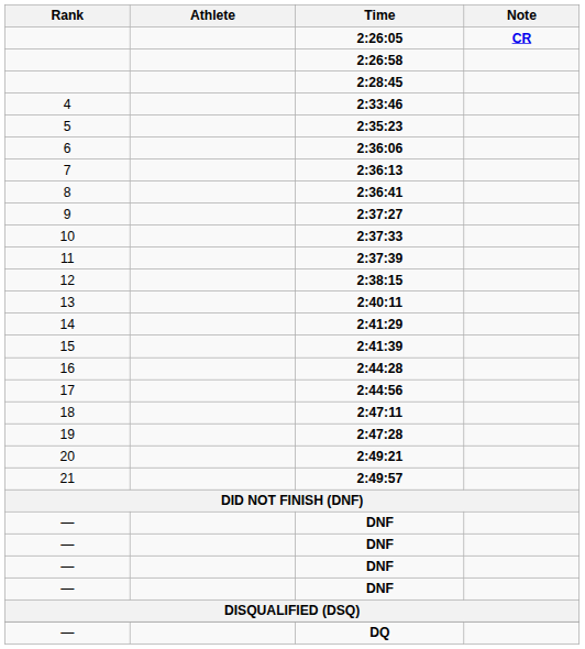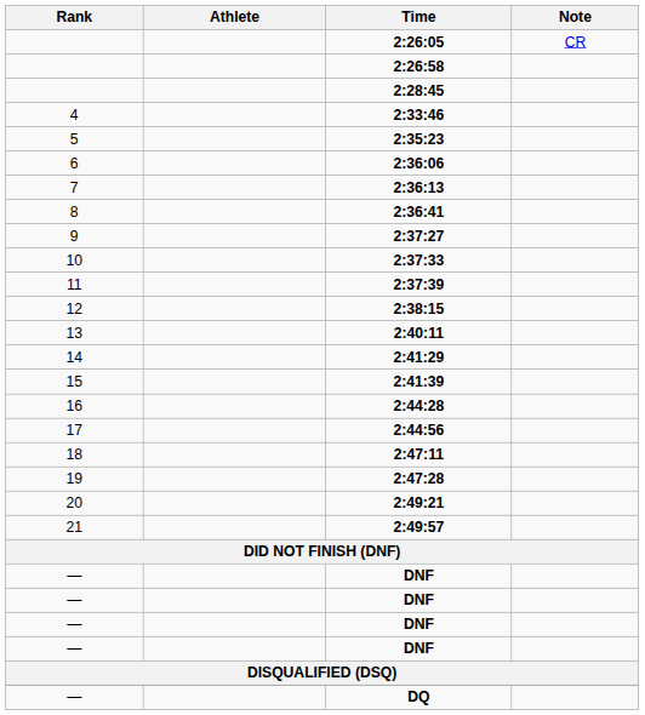 <table class="wikitable" style=" text-align:center; font-size:110%;" width="60%">
 <tr>
 <th>Rank</th>
 <th>Athlete</th>
 <th>Time</th>
 <th>Note</th>
 </tr>
 <tr>
 <td></td>
 <td align=left></td>
 <td><strong>2:26:05</strong></td>
-<td><strong><a href='#'>CR</a></strong></td>
+<td><a href='#'>CR</a></td>
 </tr>
 <tr>
 <td></td>
 <td align=left></td>
 <td><strong>2:26:58</strong></td>
 <td></td>
 </tr>
 <tr>
 <td></td>
 <td align=left></td>
 <td><strong>2:28:45</strong></td>
 <td></td>
 </tr>
 <tr>
 <td>4</td>
 <td align=left></td>
 <td><strong>2:33:46</strong></td>
 <td></td>
 </tr>
 <tr>
 <td>5</td>
 <td align=left></td>
 <td><strong>2:35:23</strong></td>
 <td></td>
 </tr>
 <tr>
 <td>6</td>
 <td align=left></td>
 <td><strong>2:36:06</strong></td>
 <td></td>
 </tr>
 <tr>
 <td>7</td>
 <td align=left></td>
 <td><strong>2:36:13</strong></td>
 <td></td>
 </tr>
 <tr>
 <td>8</td>
 <td align=left></td>
 <td><strong>2:36:41</strong></td>
 <td></td>
 </tr>
 <tr>
 <td>9</td>
 <td align=left></td>
 <td><strong>2:37:27</strong></td>
 <td></td>
 </tr>
 <tr>
 <td>10</td>
 <td align=left></td>
 <td><strong>2:37:33</strong></td>
 <td></td>
 </tr>
 <tr>
 <td>11</td>
 <td align=left></td>
 <td><strong>2:37:39</strong></td>
 <td></td>
 </tr>
 <tr>
 <td>12</td>
 <td align=left></td>
 <td><strong>2:38:15</strong></td>
 <td></td>
 </tr>
 <tr>
 <td>13</td>
 <td align=left></td>
 <td><strong>2:40:11</strong></td>
 <td></td>
 </tr>
 <tr>
 <td>14</td>
 <td align=left></td>
 <td><strong>2:41:29</strong></td>
 <td></td>
 </tr>
 <tr>
 <td>15</td>
 <td align=left></td>
 <td><strong>2:41:39</strong></td>
 <td></td>
 </tr>
 <tr>
 <td>16</td>
 <td align=left></td>
 <td><strong>2:44:28</strong></td>
 <td></td>
 </tr>
 <tr>
 <td>17</td>
 <td align=left></td>
 <td><strong>2:44:56</strong></td>
 <td></td>
 </tr>
 <tr>
 <td>18</td>
 <td align=left></td>
 <td><strong>2:47:11</strong></td>
 <td></td>
 </tr>
 <tr>
 <td>19</td>
 <td align=left></td>
 <td><strong>2:47:28</strong></td>
 <td></td>
 </tr>
 <tr>
 <td>20</td>
 <td align=left></td>
 <td><strong>2:49:21</strong></td>
 <td></td>
 </tr>
 <tr>
 <td>21</td>
 <td align=left></td>
 <td><strong>2:49:57</strong></td>
 <td></td>
 </tr>
 <tr>
 <th colspan="4">DID NOT FINISH (DNF)</th>
 </tr>
 <tr>
 <td>—</td>
 <td align=left></td>
 <td><strong>DNF</strong></td>
 <td></td>
 </tr>
 <tr>
 <td>—</td>
 <td align=left></td>
 <td><strong>DNF</strong></td>
 <td></td>
 </tr>
 <tr>
 <td>—</td>
 <td align=left></td>
 <td><strong>DNF</strong></td>
 <td></td>
 </tr>
 <tr>
 <td>—</td>
 <td align=left></td>
 <td><strong>DNF</strong></td>
 <td></td>
 </tr>
 <tr>
 <th colspan="4">DISQUALIFIED (DSQ)</th>
 </tr>
 <tr>
 </tr>
 <tr>
 <td>—</td>
 <td align=left></td>
 <td><strong>DQ</strong></td>
 <td></td>
 </tr>
 </table>
